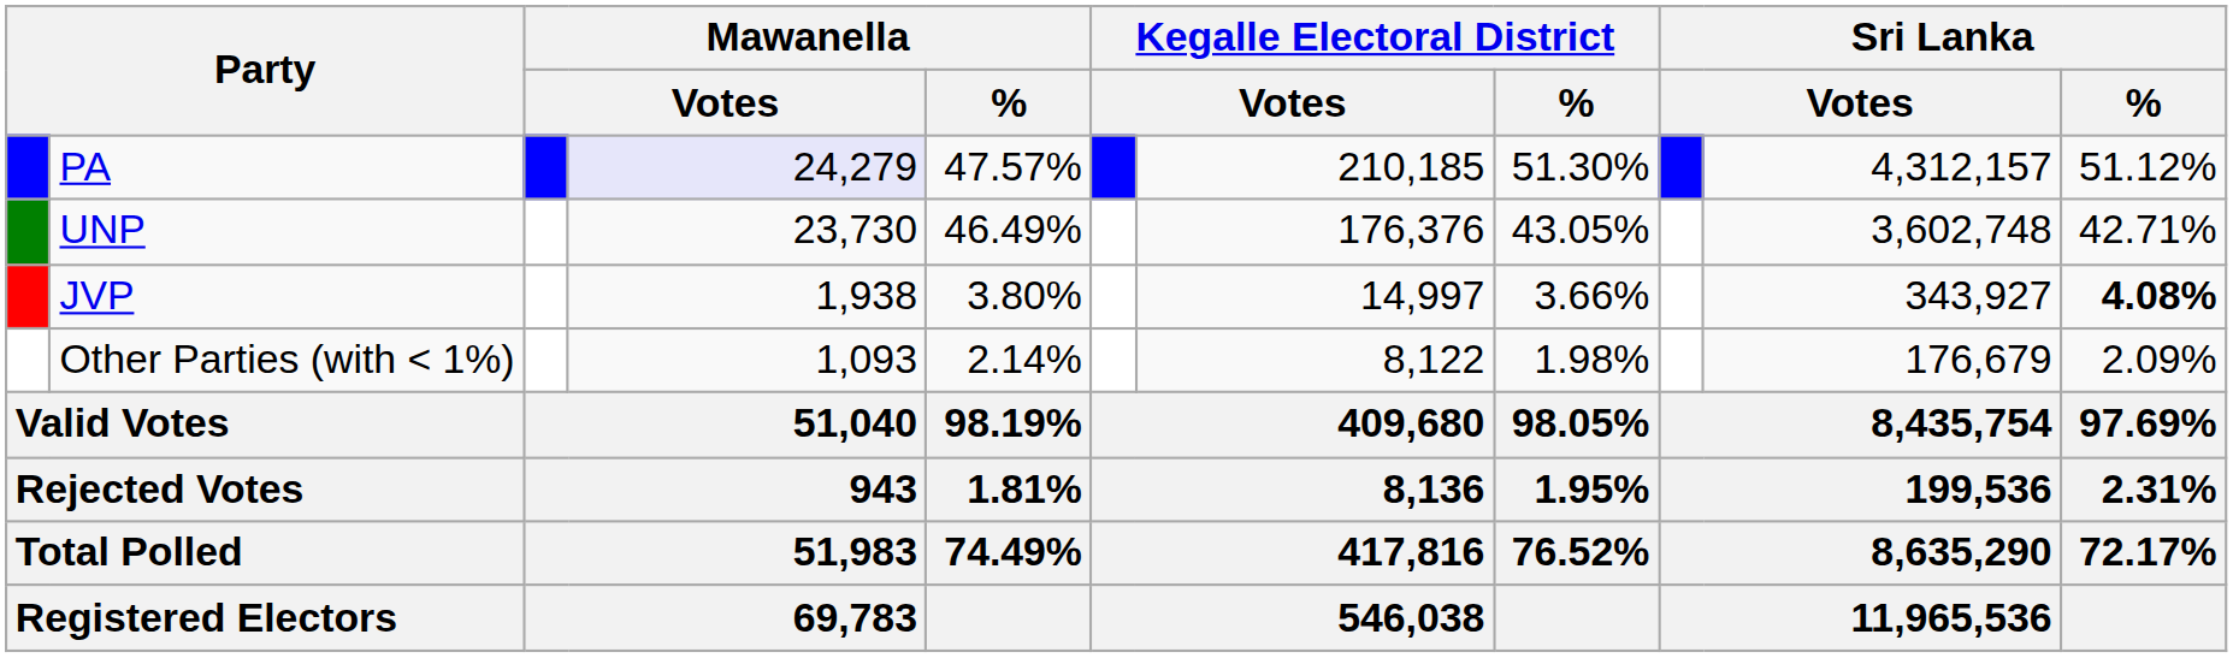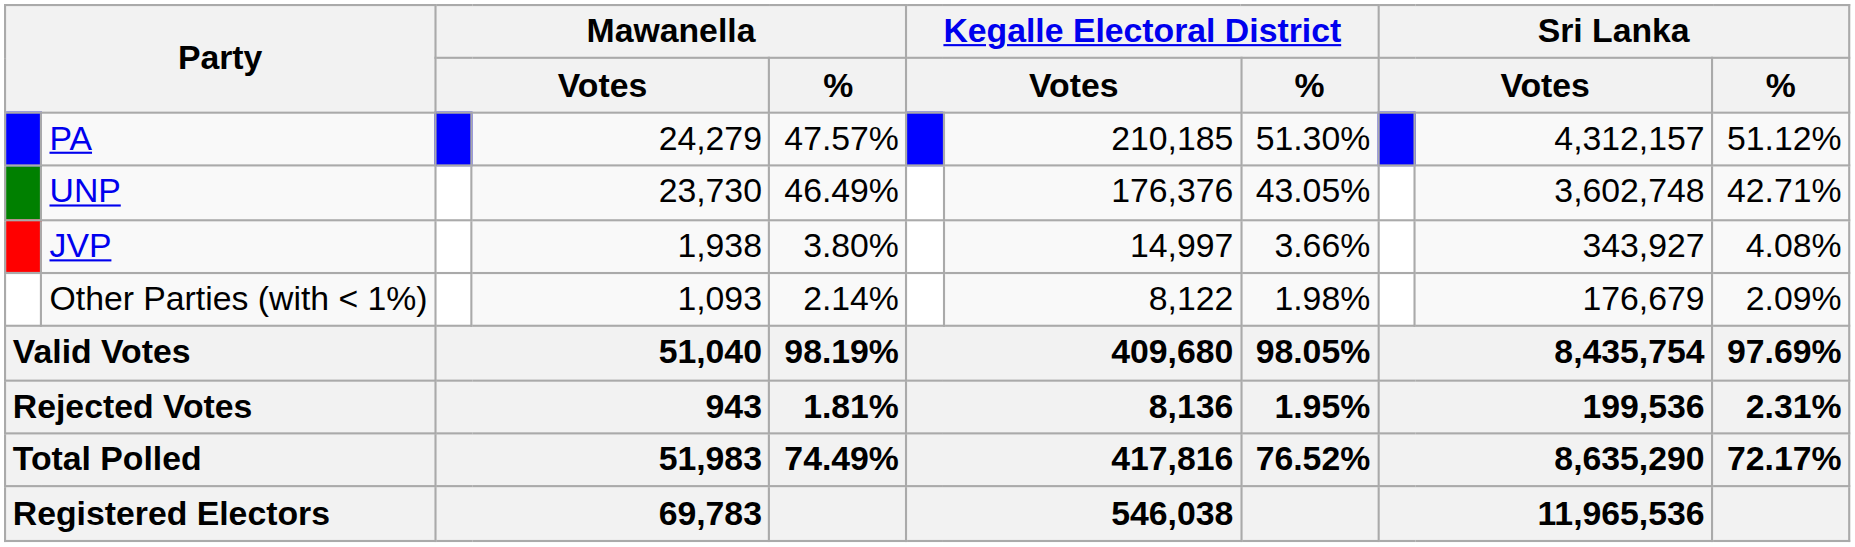 <table class="wikitable">
 <tr>
 <th colspan="2" width="144px"rowspan="2">Party</th>
 <th colspan="3" width="216px">Mawanella</th>
 <th colspan="3" width="216px"><a href='#'>Kegalle Electoral District</a></th>
 <th colspan="3" width="216px">Sri Lanka</th>
 </tr>
 <tr>
 <th colspan="2" width="144px">Votes</th>
 <th>%</th>
 <th colspan="2" width="144px">Votes</th>
 <th>%</th>
 <th colspan="2" width="144px">Votes</th>
 <th>%</th>
 </tr>
 <tr>
 <td style="background-color:blue;" width="10px"></td>
 <td style="text-align:left;"><a href='#'>PA</a></td>
 <td style="background-color:blue;" width="10px"></td>
-<td style="background: lavender; text-align:right;">24,279</td>
+<td style="text-align:right;">24,279</td>
 <td style="text-align:right;">47.57%</td>
 <td style="background-color:blue;" width="10px"></td>
 <td style="text-align:right;">210,185</td>
 <td style="text-align:right;">51.30%</td>
 <td style="background-color:blue;" width="10px"></td>
 <td style="text-align:right;">4,312,157</td>
 <td style="text-align:right;">51.12%</td>
 </tr>
 <tr>
 <td style="background-color:green;" width="10px"></td>
 <td style="text-align:left;"><a href='#'>UNP</a></td>
 <td style="background-color:white;" width="10px"></td>
 <td style="text-align:right;">23,730</td>
 <td style="text-align:right;">46.49%</td>
 <td style="background-color:white;" width="10px"></td>
 <td style="text-align:right;">176,376</td>
 <td style="text-align:right;">43.05%</td>
 <td style="background-color:white;" width="10px"></td>
 <td style="text-align:right;">3,602,748</td>
 <td style="text-align:right;">42.71%</td>
 </tr>
 <tr>
 <td style="background-color:red;" width="10px"></td>
 <td style="text-align:left;"><a href='#'>JVP</a></td>
 <td style="background-color:white;" width="10px"></td>
 <td style="text-align:right;">1,938</td>
 <td style="text-align:right;">3.80%</td>
 <td style="background-color:white;" width="10px"></td>
 <td style="text-align:right;">14,997</td>
 <td style="text-align:right;">3.66%</td>
 <td style="background-color:white;" width="10px"></td>
 <td style="text-align:right;">343,927</td>
-<td style="text-align:right;"><strong>4.08%</strong></td>
+<td style="text-align:right;">4.08%</td>
 </tr>
 <tr>
 <td style="background-color:white;" width="10px"></td>
 <td style="text-align:left;">Other Parties (with < 1%)</td>
 <td style="background-color:white;" width="10px"></td>
 <td style="text-align:right;">1,093</td>
 <td style="text-align:right;">2.14%</td>
 <td style="background-color:white;" width="10px"></td>
 <td style="text-align:right;">8,122</td>
 <td style="text-align:right;">1.98%</td>
 <td style="background-color:white;" width="10px"></td>
 <td style="text-align:right;">176,679</td>
 <td style="text-align:right;">2.09%</td>
 </tr>
 <tr>
 <th colspan="2" width="144px"style="text-align:left;">Valid Votes</th>
 <th style="text-align:right;"colspan="2" width="144px">51,040</th>
 <th style="text-align:right;">98.19%</th>
 <th style="text-align:right;"colspan="2" width="144px">409,680</th>
 <th style="text-align:right;">98.05%</th>
 <th style="text-align:right;"colspan="2" width="144px">8,435,754</th>
 <th style="text-align:right;">97.69%</th>
 </tr>
 <tr>
 <th colspan="2" width="144px"style="text-align:left;">Rejected Votes</th>
 <th style="text-align:right;"colspan="2" width="144px">943</th>
 <th style="text-align:right;">1.81%</th>
 <th style="text-align:right;"colspan="2" width="144px">8,136</th>
 <th style="text-align:right;">1.95%</th>
 <th style="text-align:right;"colspan="2" width="144px">199,536</th>
 <th style="text-align:right;">2.31%</th>
 </tr>
 <tr>
 <th colspan="2" width="144px"style="text-align:left;">Total Polled</th>
 <th style="text-align:right;"colspan="2" width="144px">51,983</th>
 <th style="text-align:right;">74.49%</th>
 <th style="text-align:right;"colspan="2" width="144px">417,816</th>
 <th style="text-align:right;">76.52%</th>
 <th style="text-align:right;"colspan="2" width="144px">8,635,290</th>
 <th style="text-align:right;">72.17%</th>
 </tr>
 <tr>
 <th colspan="2" width="144px"style="text-align:left;">Registered Electors</th>
 <th style="text-align:right;"colspan="2" width="144px">69,783</th>
 <th></th>
 <th style="text-align:right;"colspan="2" width="144px">546,038</th>
 <th></th>
 <th style="text-align:right;"colspan="2" width="144px">11,965,536</th>
 <th></th>
 </tr>
 </table>
